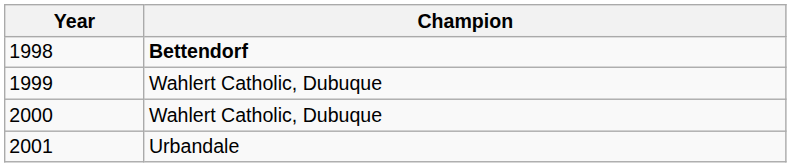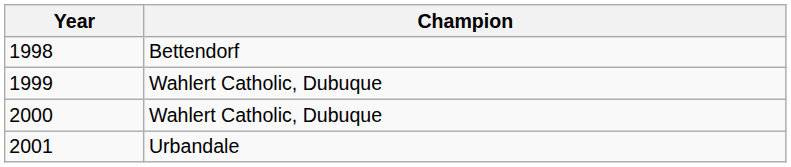 <table class="wikitable collapsible collapsed" style="font-size:88%; min-width:40em">
 <tr>
 <th>Year</th>
 <th>Champion</th>
 </tr>
 <tr>
 <td>1998</td>
-<td><strong>Bettendorf</strong></td>
+<td>Bettendorf</td>
 </tr>
 <tr>
 <td>1999</td>
 <td>Wahlert Catholic, Dubuque</td>
 </tr>
 <tr>
 <td>2000</td>
 <td>Wahlert Catholic, Dubuque</td>
 </tr>
 <tr>
 <td>2001</td>
 <td>Urbandale</td>
 </tr>
 </table>
